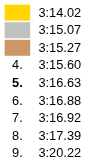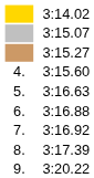 <table style="text-align:center">
 <tr>
 <td width=30 bgcolor=gold></td>
 <td align=left></td>
 <td width=60>3:14.02</td>
 </tr>
 <tr>
 <td bgcolor=silver></td>
 <td align=left></td>
 <td>3:15.07</td>
 </tr>
 <tr>
 <td bgcolor=cc9966></td>
 <td align=left></td>
 <td>3:15.27</td>
 </tr>
 <tr>
 <td>4.</td>
 <td align=left></td>
 <td>3:15.60</td>
 </tr>
 <tr>
-<td><strong>5.</strong></td>
+<td>5.</td>
 <td align=left></td>
 <td>3:16.63</td>
 </tr>
 <tr>
 <td>6.</td>
 <td align=left></td>
 <td>3:16.88</td>
 </tr>
 <tr>
 <td>7.</td>
 <td align=left></td>
 <td>3:16.92</td>
 </tr>
 <tr>
 <td>8.</td>
 <td align=left></td>
 <td>3:17.39</td>
 </tr>
 <tr>
 <td>9.</td>
 <td align=left></td>
 <td>3:20.22</td>
 </tr>
 </table>
